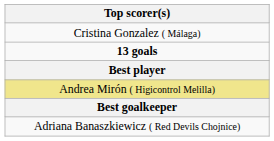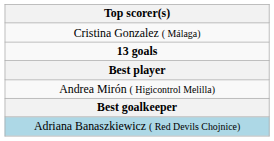 <table class="wikitable" style="margin: 1em auto 1em auto;">
 <tr>
 <th width=350 colspan=3>Top scorer(s)</th>
 </tr>
 <tr align=center style="background:">
 <td style="text-align:center;"> Cristina Gonzalez <small>( Málaga)</small></td>
 </tr>
 <tr>
 <td style="text-align:center;"><strong>13 goals</strong></td>
 </tr>
 <tr>
 <th colspan=3>Best player</th>
 </tr>
 <tr>
-<td style="background: khaki; text-align:center;"> Andrea Mirón <small>( Higicontrol Melilla)</small></td>
+<td style="text-align:center;"> Andrea Mirón <small>( Higicontrol Melilla)</small></td>
 </tr>
 <tr>
 <th colspan=3>Best goalkeeper</th>
 </tr>
 <tr>
-<td style="text-align:center;"> Adriana Banaszkiewicz <small>( Red Devils Chojnice)</small></td>
+<td style="background: lightblue; text-align:center;"> Adriana Banaszkiewicz <small>( Red Devils Chojnice)</small></td>
 </tr>
 </table>
